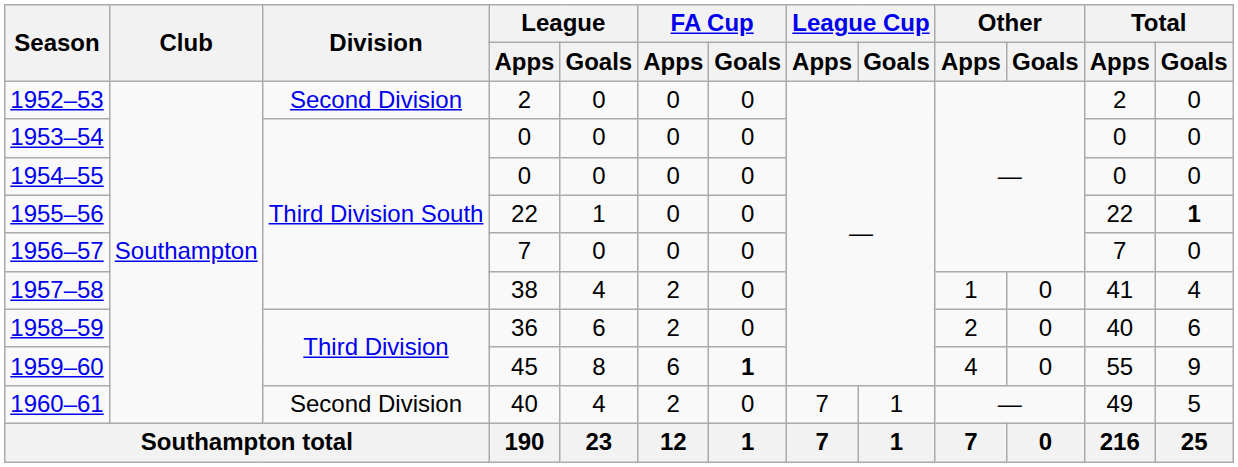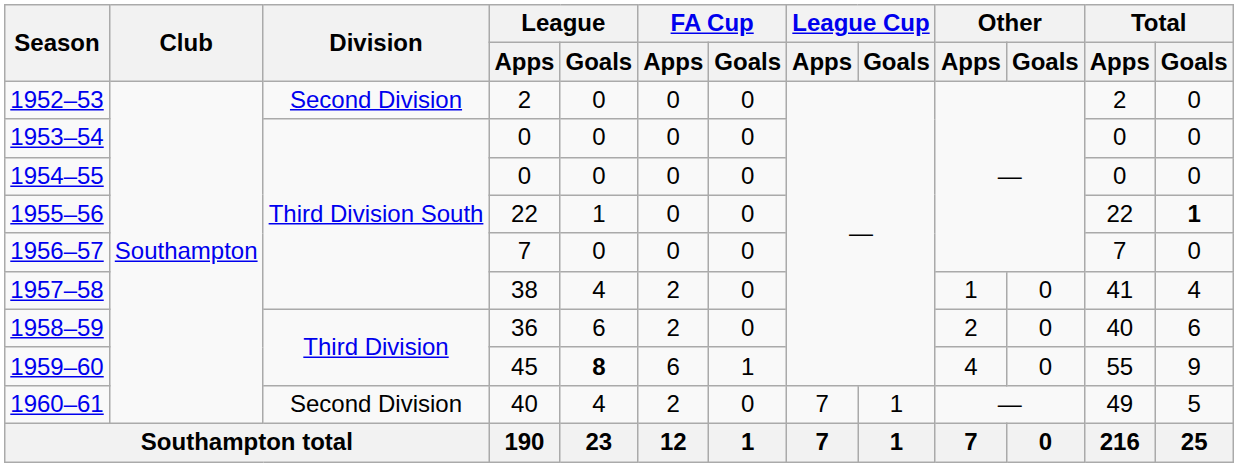 <table class="wikitable" style="text-align:center">
 <tr>
 <th rowspan="2">Season</th>
 <th rowspan="2">Club</th>
 <th rowspan="2">Division</th>
 <th colspan="2">League</th>
 <th colspan="2"><a href='#'>FA Cup</a></th>
 <th colspan="2"><a href='#'>League Cup</a></th>
 <th colspan="2">Other</th>
 <th colspan="2">Total</th>
 </tr>
 <tr>
 <th>Apps</th>
 <th>Goals</th>
 <th>Apps</th>
 <th>Goals</th>
 <th>Apps</th>
 <th>Goals</th>
 <th>Apps</th>
 <th>Goals</th>
 <th>Apps</th>
 <th>Goals</th>
 </tr>
 <tr>
 <td><a href='#'>1952–53</a></td>
 <td rowspan="9"><a href='#'>Southampton</a></td>
 <td><a href='#'>Second Division</a></td>
 <td>2</td>
 <td>0</td>
 <td>0</td>
 <td>0</td>
 <td rowspan="8" colspan="2">—</td>
 <td rowspan="5" colspan="2">—</td>
 <td>2</td>
 <td>0</td>
 </tr>
 <tr>
 <td><a href='#'>1953–54</a></td>
 <td rowspan="5"><a href='#'>Third Division South</a></td>
 <td>0</td>
 <td>0</td>
 <td>0</td>
 <td>0</td>
 <td>0</td>
 <td>0</td>
 </tr>
 <tr>
 <td><a href='#'>1954–55</a></td>
 <td>0</td>
 <td>0</td>
 <td>0</td>
 <td>0</td>
 <td>0</td>
 <td>0</td>
 </tr>
 <tr>
 <td><a href='#'>1955–56</a></td>
 <td>22</td>
 <td>1</td>
 <td>0</td>
 <td>0</td>
 <td>22</td>
 <td><strong>1</strong></td>
 </tr>
 <tr>
 <td><a href='#'>1956–57</a></td>
 <td>7</td>
 <td>0</td>
 <td>0</td>
 <td>0</td>
 <td>7</td>
 <td>0</td>
 </tr>
 <tr>
 <td><a href='#'>1957–58</a></td>
 <td>38</td>
 <td>4</td>
 <td>2</td>
 <td>0</td>
 <td>1</td>
 <td>0</td>
 <td>41</td>
 <td>4</td>
 </tr>
 <tr>
 <td><a href='#'>1958–59</a></td>
 <td rowspan="2"><a href='#'>Third Division</a></td>
 <td>36</td>
 <td>6</td>
 <td>2</td>
 <td>0</td>
 <td>2</td>
 <td>0</td>
 <td>40</td>
 <td>6</td>
 </tr>
 <tr>
 <td><a href='#'>1959–60</a></td>
 <td>45</td>
-<td>8</td>
+<td><strong>8</strong></td>
 <td>6</td>
-<td><strong>1</strong></td>
+<td>1</td>
 <td>4</td>
 <td>0</td>
 <td>55</td>
 <td>9</td>
 </tr>
 <tr>
 <td><a href='#'>1960–61</a></td>
 <td>Second Division</td>
 <td>40</td>
 <td>4</td>
 <td>2</td>
 <td>0</td>
 <td>7</td>
 <td>1</td>
 <td colspan="2">—</td>
 <td>49</td>
 <td>5</td>
 </tr>
 <tr>
 <th colspan="3">Southampton total</th>
 <th>190</th>
 <th>23</th>
 <th>12</th>
 <th>1</th>
 <th>7</th>
 <th>1</th>
 <th>7</th>
 <th>0</th>
 <th>216</th>
 <th>25</th>
 </tr>
 </table>
